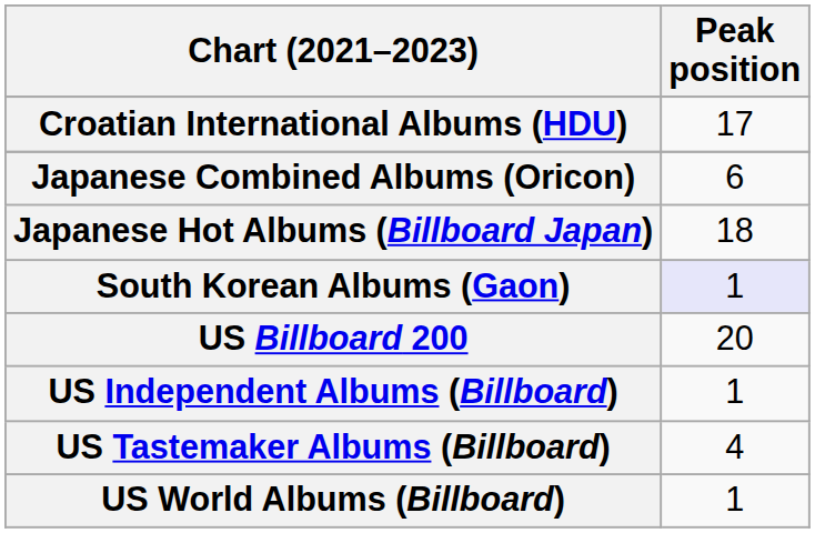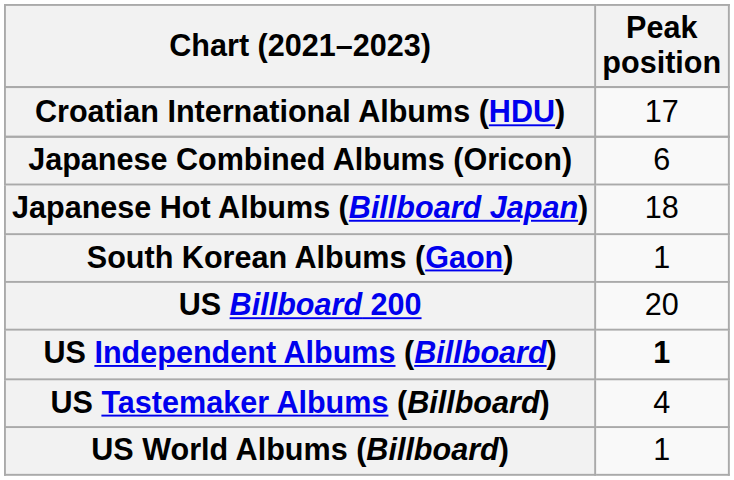 <table class="wikitable sortable plainrowheaders" style="text-align:center">
 <tr>
 <th scope="col">Chart (2021–2023)</th>
 <th scope="col">Peak<br>position</th>
 </tr>
 <tr>
 </tr>
 <tr>
 <th scope="row">Croatian International Albums (<a href='#'>HDU</a>)</th>
 <td>17</td>
 </tr>
 <tr>
 </tr>
 <tr>
 <th scope="row">Japanese Combined Albums (Oricon)</th>
 <td>6</td>
 </tr>
 <tr>
 <th scope="row">Japanese Hot Albums (<em><a href='#'>Billboard Japan</a></em>)</th>
 <td>18</td>
 </tr>
 <tr>
 <th scope="row">South Korean Albums (<a href='#'>Gaon</a>)</th>
-<td style="background: lavender;">1</td>
+<td>1</td>
 </tr>
 <tr>
 <th scope="row">US <a href='#'><em>Billboard</em> 200</a></th>
 <td>20</td>
 </tr>
 <tr>
 <th scope="row">US <a href='#'>Independent Albums</a> (<em><a href='#'>Billboard</a></em>)</th>
-<td>1</td>
+<td><strong>1</strong></td>
 </tr>
 <tr>
 <th scope="row">US <a href='#'>Tastemaker Albums</a> (<em>Billboard</em>)</th>
 <td>4</td>
 </tr>
 <tr>
 <th scope="row">US World Albums (<em>Billboard</em>)</th>
 <td>1</td>
 </tr>
 </table>
